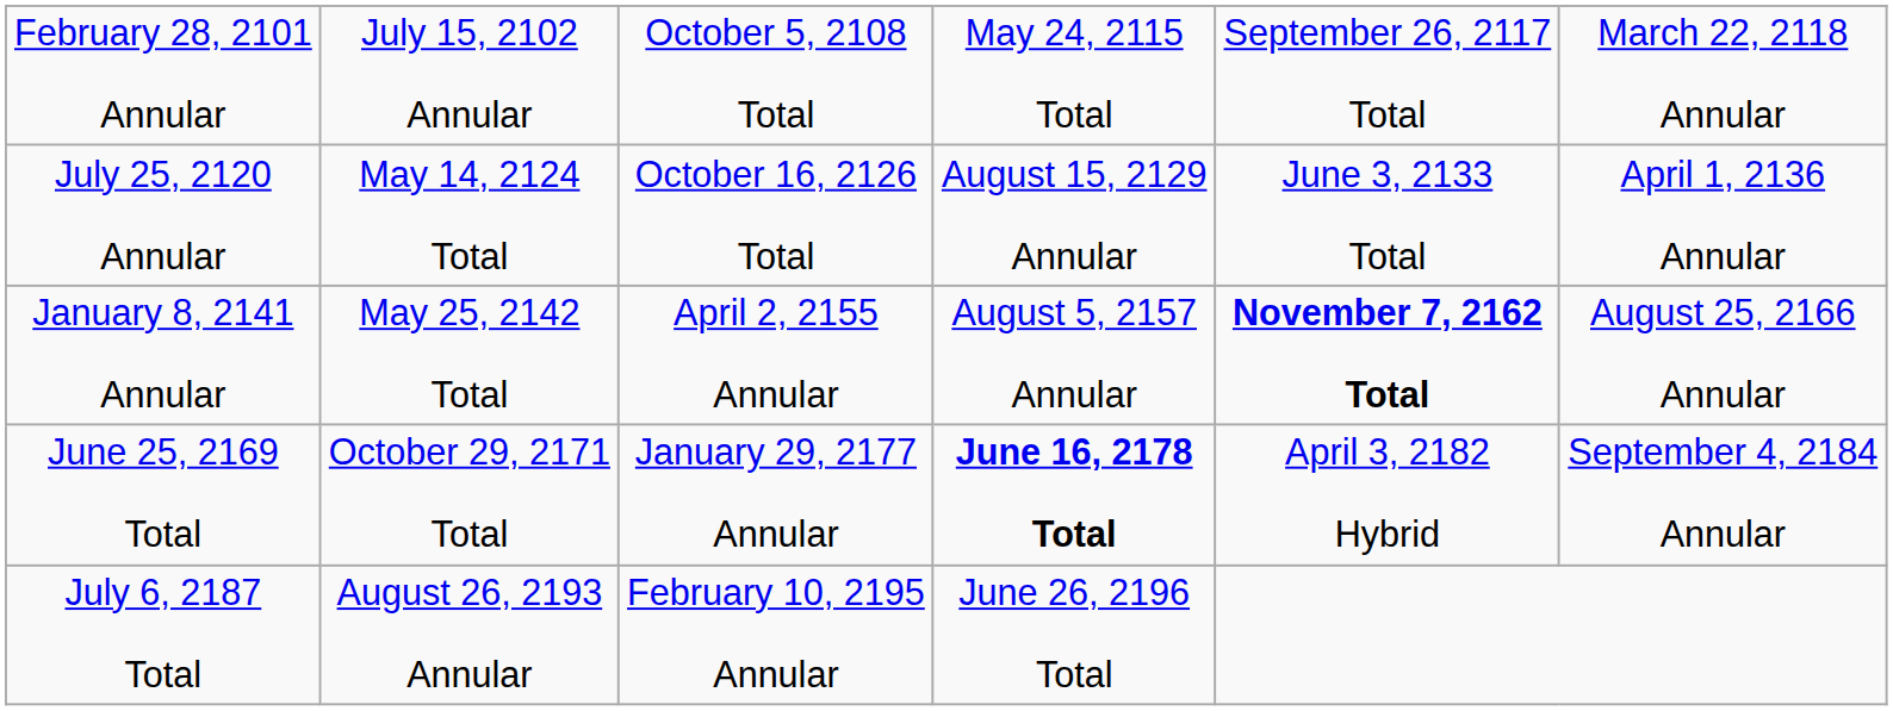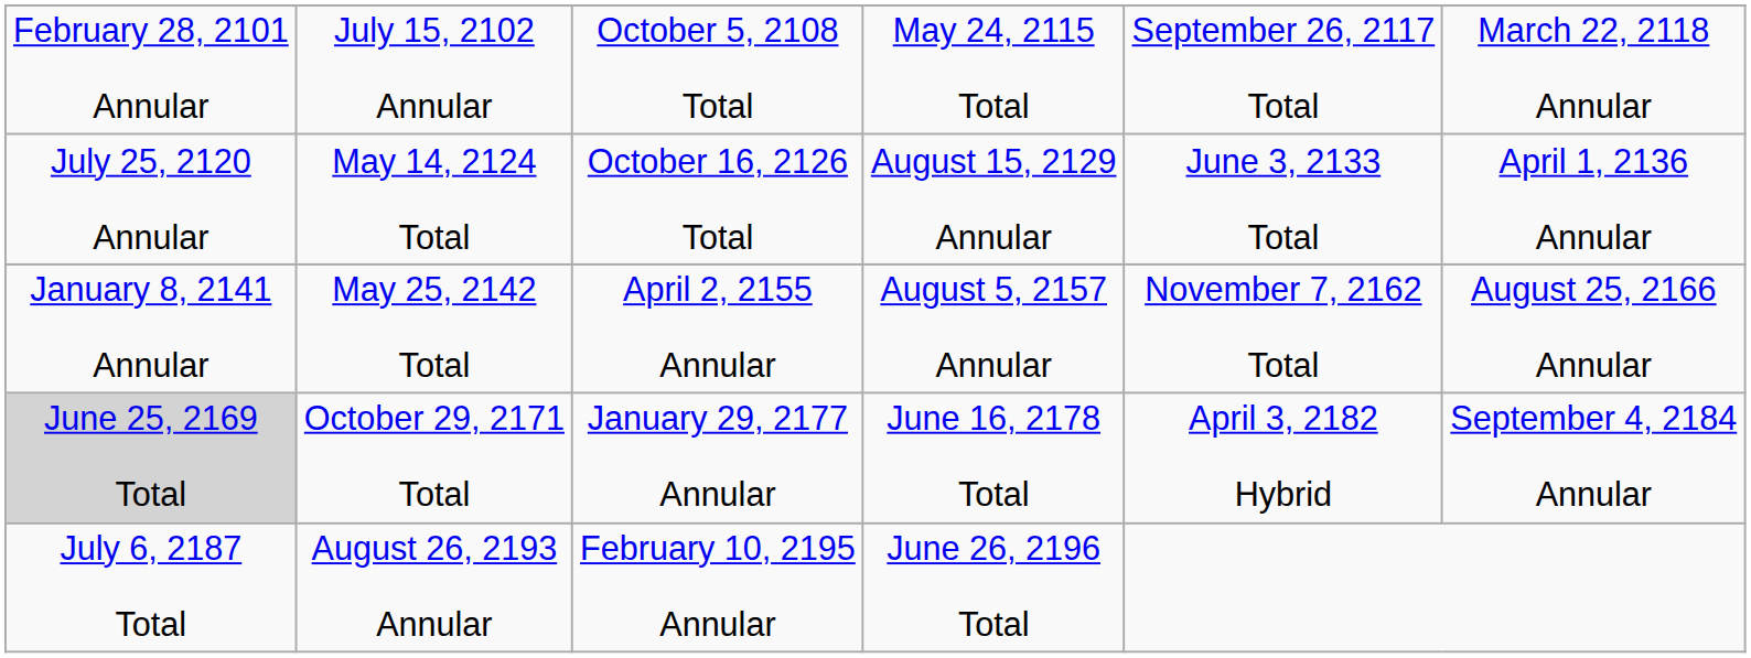 <table class="wikitable sortable">
 <tr align=center>
 <td><a href='#'>February 28, 2101</a><br><br>Annular</td>
 <td><a href='#'>July 15, 2102</a><br><br>Annular</td>
 <td><a href='#'>October 5, 2108</a><br><br>Total</td>
 <td><a href='#'>May 24, 2115</a><br><br>Total</td>
 <td><a href='#'>September 26, 2117</a><br><br>Total</td>
 <td><a href='#'>March 22, 2118</a><br><br>Annular</td>
 </tr>
 <tr align=center>
 <td><a href='#'>July 25, 2120</a><br><br>Annular</td>
 <td><a href='#'>May 14, 2124</a><br><br>Total</td>
 <td><a href='#'>October 16, 2126</a><br><br>Total</td>
 <td><a href='#'>August 15, 2129</a><br><br>Annular</td>
 <td><a href='#'>June 3, 2133</a><br><br>Total</td>
 <td><a href='#'>April 1, 2136</a><br><br>Annular</td>
 </tr>
 <tr align=center>
 <td><a href='#'>January 8, 2141</a><br><br>Annular</td>
 <td><a href='#'>May 25, 2142</a><br><br>Total</td>
 <td><a href='#'>April 2, 2155</a><br><br>Annular</td>
 <td><a href='#'>August 5, 2157</a><br><br>Annular</td>
-<td><strong><a href='#'>November 7, 2162</a><br><br>Total</strong></td>
+<td><a href='#'>November 7, 2162</a><br><br>Total</td>
 <td><a href='#'>August 25, 2166</a><br><br>Annular</td>
 </tr>
 <tr align=center>
-<td><a href='#'>June 25, 2169</a><br><br>Total</td>
+<td style="background: lightgrey;"><a href='#'>June 25, 2169</a><br><br>Total</td>
 <td><a href='#'>October 29, 2171</a><br><br>Total</td>
 <td><a href='#'>January 29, 2177</a><br><br>Annular</td>
-<td><strong><a href='#'>June 16, 2178</a><br><br>Total</strong></td>
+<td><a href='#'>June 16, 2178</a><br><br>Total</td>
 <td><a href='#'>April 3, 2182</a><br><br>Hybrid</td>
 <td><a href='#'>September 4, 2184</a><br><br>Annular</td>
 </tr>
 <tr align=center>
 <td><a href='#'>July 6, 2187</a><br><br>Total</td>
 <td><a href='#'>August 26, 2193</a><br><br>Annular</td>
 <td><a href='#'>February 10, 2195</a><br><br>Annular</td>
 <td><a href='#'>June 26, 2196</a><br><br>Total</td>
 </tr>
 </table>
